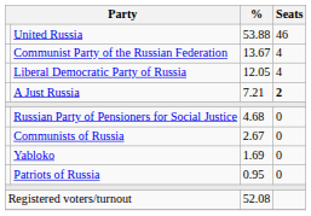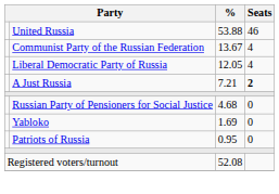 <table class="wikitable">
 <tr>
 <th colspan=2>Party</th>
 <th>%</th>
 <th>Seats</th>
 </tr>
 <tr>
 <td style="background:"></td>
 <td><a href='#'>United Russia</a></td>
 <td>53.88</td>
 <td>46</td>
 </tr>
 <tr>
 <td style="background:"></td>
 <td><a href='#'>Communist Party of the Russian Federation</a></td>
 <td>13.67</td>
 <td>4</td>
 </tr>
 <tr>
 <td style="background:"></td>
 <td><a href='#'>Liberal Democratic Party of Russia</a></td>
 <td>12.05</td>
 <td>4</td>
 </tr>
 <tr>
 <td style="background:"></td>
 <td><a href='#'>A Just Russia</a></td>
 <td>7.21</td>
 <td><strong>2</strong></td>
 </tr>
 <tr>
 <td colspan=4 style="background:#E9E9E9;"></td>
 </tr>
 <tr>
 <td style="background:"></td>
 <td><a href='#'>Russian Party of Pensioners for Social Justice</a></td>
 <td>4.68</td>
 <td>0</td>
 </tr>
 <tr>
 <td style="background:"></td>
-<td><a href='#'>Communists of Russia</a></td>
-<td>2.67</td>
-<td>0</td>
-</tr>
-<tr>
-<td style="background:"></td>
 <td><a href='#'>Yabloko</a></td>
 <td>1.69</td>
 <td>0</td>
 </tr>
 <tr>
 <td style="background:"></td>
 <td><a href='#'>Patriots of Russia</a></td>
 <td>0.95</td>
 <td>0</td>
 </tr>
 <tr>
 <td colspan=4 style="background:#E9E9E9;"></td>
 </tr>
 <tr>
 <td align=left colspan=2>Registered voters/turnout</td>
 <td>52.08</td>
 <td></td>
 </tr>
 <tr>
 </tr>
 </table>
